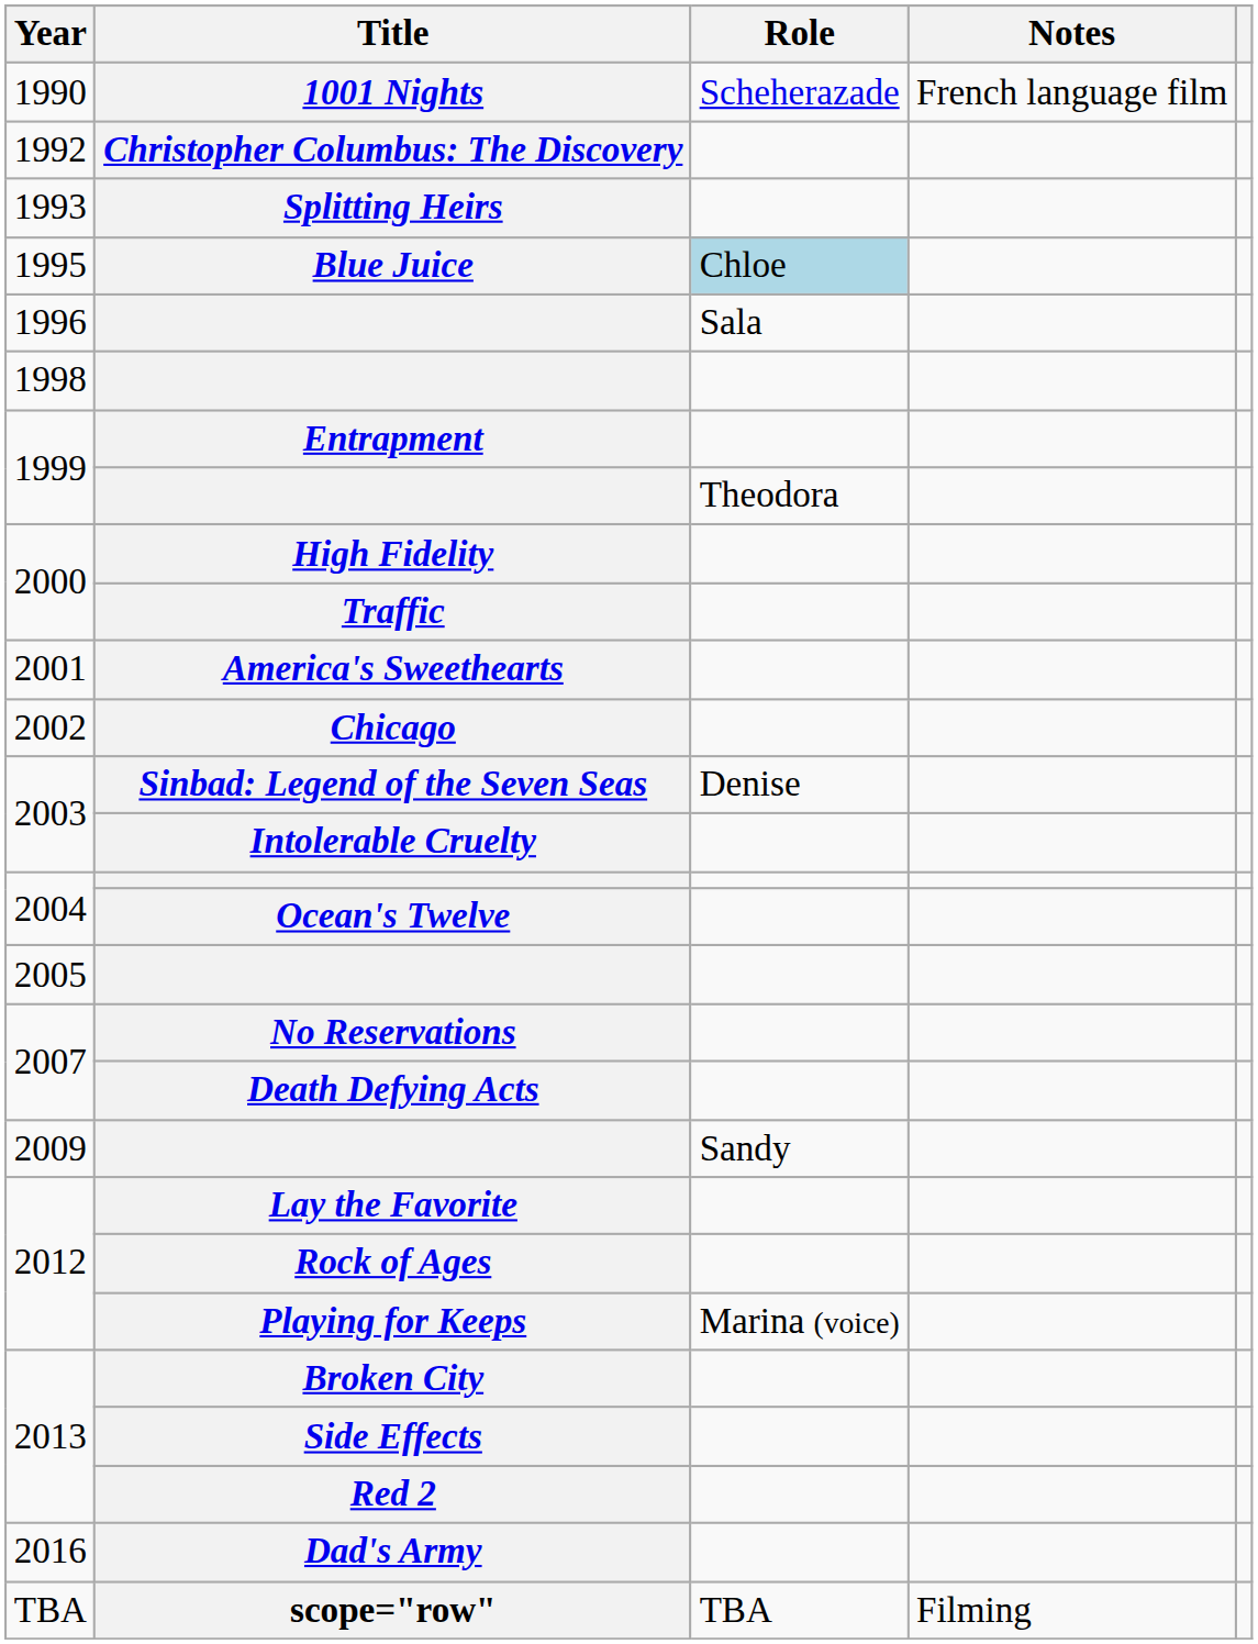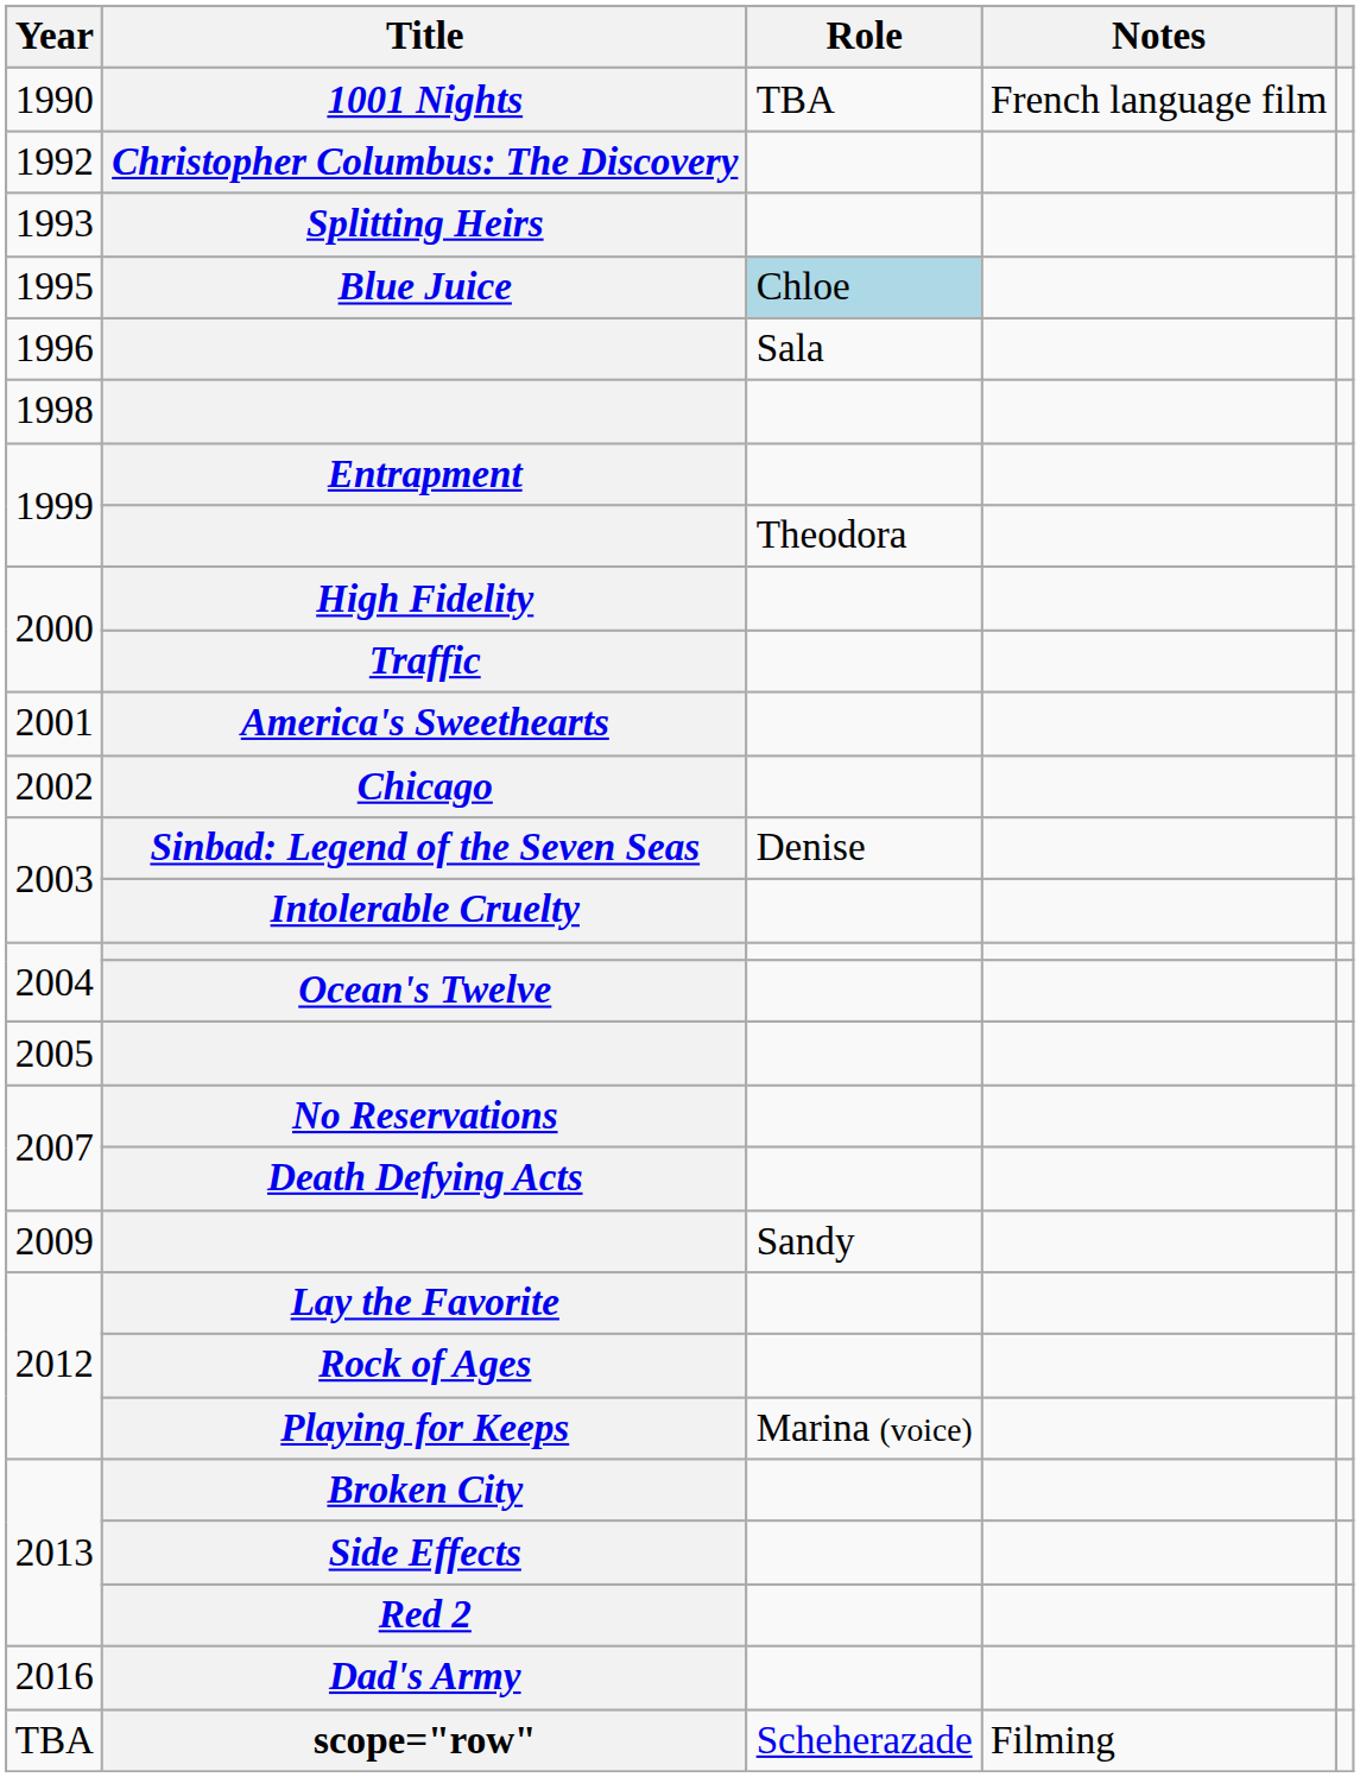 <table class="wikitable sortable plainrowheaders">
 <tr style="background:#ccc; text-align:center;">
 <th scope="col">Year</th>
 <th scope="col">Title</th>
 <th scope="col">Role</th>
 <th scope="col" class="unsortable">Notes</th>
 <th scope="col" class="unsortable"></th>
 </tr>
 <tr>
 <td style="text-align:center;">1990</td>
 <th scope="row"><em><a href='#'>1001 Nights</a></em></th>
-<td><a href='#'>Scheherazade</a></td>
+<td>TBA</td>
 <td>French language film</td>
 <td align=center></td>
 </tr>
 <tr>
 <td style="text-align:center;">1992</td>
 <th scope="row"><em><a href='#'>Christopher Columbus: The Discovery</a></em></th>
 <td></td>
 <td></td>
 <td align=center></td>
 </tr>
 <tr>
 <td style="text-align:center;">1993</td>
 <th scope="row"><em><a href='#'>Splitting Heirs</a></em></th>
 <td></td>
 <td></td>
 <td align=center></td>
 </tr>
 <tr>
 <td style="text-align:center;">1995</td>
 <th scope="row"><em><a href='#'>Blue Juice</a></em></th>
 <td style="background: lightblue;">Chloe</td>
 <td></td>
 <td align=center></td>
 </tr>
 <tr>
 <td style="text-align:center;">1996</td>
 <th scope="row"><em></em></th>
 <td>Sala</td>
 <td></td>
 <td align=center></td>
 </tr>
 <tr>
 <td style="text-align:center;">1998</td>
 <th scope="row"><em></em></th>
 <td></td>
 <td></td>
 <td align=center></td>
 </tr>
 <tr>
 <td rowspan="2" style="text-align:center;">1999</td>
 <th scope="row"><em><a href='#'>Entrapment</a></em></th>
 <td></td>
 <td></td>
 <td align=center></td>
 </tr>
 <tr>
 <th scope="row"><em></em></th>
 <td>Theodora</td>
 <td></td>
 <td align=center></td>
 </tr>
 <tr>
 <td rowspan="2" style="text-align:center;">2000</td>
 <th scope="row"><em><a href='#'>High Fidelity</a></em></th>
 <td></td>
 <td></td>
 <td align=center></td>
 </tr>
 <tr>
 <th scope="row"><em><a href='#'>Traffic</a></em></th>
 <td></td>
 <td></td>
 <td align=center></td>
 </tr>
 <tr>
 <td style="text-align:center;">2001</td>
 <th scope="row"><em><a href='#'>America's Sweethearts</a></em></th>
 <td></td>
 <td></td>
 <td align=center></td>
 </tr>
 <tr>
 <td style="text-align:center;">2002</td>
 <th scope="row"><em><a href='#'>Chicago</a></em></th>
 <td></td>
 <td></td>
 <td align=center></td>
 </tr>
 <tr>
 <td rowspan="2" style="text-align:center;">2003</td>
 <th scope="row"><em><a href='#'>Sinbad: Legend of the Seven Seas</a></em></th>
 <td>Denise</td>
 <td></td>
 <td align=center></td>
 </tr>
 <tr>
 <th scope="row"><em><a href='#'>Intolerable Cruelty</a></em></th>
 <td></td>
 <td></td>
 <td align=center></td>
 </tr>
 <tr>
 <td rowspan="2" style="text-align:center;">2004</td>
 <th scope="row"><em></em></th>
 <td></td>
 <td></td>
 <td align=center></td>
 </tr>
 <tr>
 <th scope="row"><em><a href='#'>Ocean's Twelve</a></em></th>
 <td></td>
 <td></td>
 <td align=center></td>
 </tr>
 <tr>
 <td style="text-align:center;">2005</td>
 <th scope="row"><em></em></th>
 <td></td>
 <td></td>
 <td align=center></td>
 </tr>
 <tr>
 <td rowspan="2" style="text-align:center;">2007</td>
 <th scope="row"><em><a href='#'>No Reservations</a></em></th>
 <td></td>
 <td></td>
 <td align=center></td>
 </tr>
 <tr>
 <th scope="row"><em><a href='#'>Death Defying Acts</a></em></th>
 <td></td>
 <td></td>
 <td align=center></td>
 </tr>
 <tr>
 <td style="text-align:center;">2009</td>
 <th scope="row"><em></em></th>
 <td>Sandy</td>
 <td></td>
 <td align=center></td>
 </tr>
 <tr>
 <td rowspan="3" style="text-align:center;">2012</td>
 <th scope="row"><em><a href='#'>Lay the Favorite</a></em></th>
 <td></td>
 <td></td>
 <td align=center></td>
 </tr>
 <tr>
 <th scope="row"><em><a href='#'>Rock of Ages</a></em></th>
 <td></td>
 <td></td>
 <td align=center></td>
 </tr>
 <tr>
 <th scope="row"><em><a href='#'>Playing for Keeps</a></em></th>
 <td>Marina <small>(voice)</small></td>
 <td></td>
 <td align=center></td>
 </tr>
 <tr>
 <td rowspan="3" style="text-align:center;">2013</td>
 <th scope="row"><em><a href='#'>Broken City</a></em></th>
 <td></td>
 <td></td>
 <td align=center></td>
 </tr>
 <tr>
 <th scope="row"><em><a href='#'>Side Effects</a></em></th>
 <td></td>
 <td></td>
 <td align=center></td>
 </tr>
 <tr>
 <th scope="row"><em><a href='#'>Red 2</a></em></th>
 <td></td>
 <td></td>
 <td align=center></td>
 </tr>
 <tr>
 <td style="text-align:center;">2016</td>
 <th scope="row"><em><a href='#'>Dad's Army</a></em></th>
 <td></td>
 <td></td>
 <td align=center></td>
 </tr>
 <tr>
 <td style="text-align:center;">TBA</td>
 <th>scope="row" </th>
-<td>TBA</td>
+<td><a href='#'>Scheherazade</a></td>
 <td>Filming</td>
 <td align=center></td>
 </tr>
 </table>
